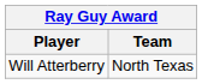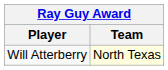 <table class="wikitable" style="text-align: center;">
 <tr>
 <th colspan="2"><strong><a href='#'>Ray Guy Award</a></strong></th>
 </tr>
 <tr>
 <th>Player</th>
 <th>Team</th>
 </tr>
 <tr>
 <td>Will Atterberry</td>
-<td>North Texas</td>
+<td style="background: lightyellow;">North Texas</td>
 </tr>
 </table>
